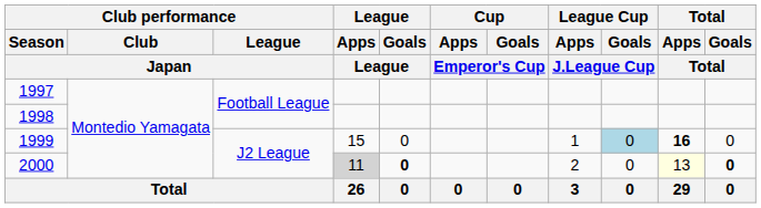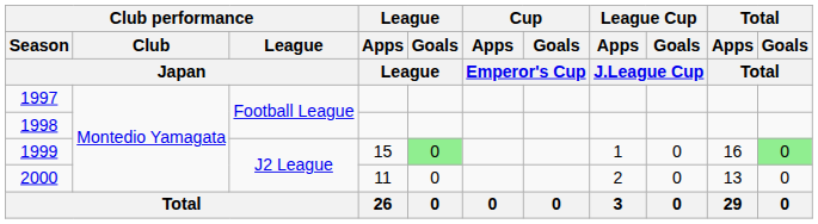 <table class="wikitable" style="text-align:center;">
 <tr>
 <th colspan=3>Club performance</th>
 <th colspan=2>League</th>
 <th colspan=2>Cup</th>
 <th colspan=2>League Cup</th>
 <th colspan=2>Total</th>
 </tr>
 <tr>
 <th>Season</th>
 <th>Club</th>
 <th>League</th>
 <th>Apps</th>
 <th>Goals</th>
 <th>Apps</th>
 <th>Goals</th>
 <th>Apps</th>
 <th>Goals</th>
 <th>Apps</th>
 <th>Goals</th>
 </tr>
 <tr>
 <th colspan=3>Japan</th>
 <th colspan=2>League</th>
 <th colspan=2><a href='#'>Emperor's Cup</a></th>
 <th colspan=2><a href='#'>J.League Cup</a></th>
 <th colspan=2>Total</th>
 </tr>
 <tr>
 <td><a href='#'>1997</a></td>
 <td rowspan="4"><a href='#'>Montedio Yamagata</a></td>
 <td rowspan="2"><a href='#'>Football League</a></td>
 <td></td>
 <td></td>
 <td></td>
 <td></td>
 <td></td>
 <td></td>
 <td></td>
 <td></td>
 </tr>
 <tr>
 <td><a href='#'>1998</a></td>
 <td></td>
 <td></td>
 <td></td>
 <td></td>
 <td></td>
 <td></td>
 <td></td>
 <td></td>
 </tr>
 <tr>
 <td><a href='#'>1999</a></td>
 <td rowspan="2"><a href='#'>J2 League</a></td>
 <td>15</td>
-<td>0</td>
+<td style="background: lightgreen;">0</td>
 <td></td>
 <td></td>
 <td>1</td>
-<td style="background: lightblue;">0</td>
-<td><strong>16</strong></td>
 <td>0</td>
+<td>16</td>
+<td style="background: lightgreen;">0</td>
 </tr>
 <tr>
 <td><a href='#'>2000</a></td>
-<td style="background: lightgrey;">11</td>
-<td><strong>0</strong></td>
+<td>11</td>
+<td>0</td>
 <td></td>
 <td></td>
 <td>2</td>
 <td>0</td>
-<td style="background: lightyellow;">13</td>
-<td><strong>0</strong></td>
+<td>13</td>
+<td>0</td>
 </tr>
 <tr>
 <th colspan=3>Total</th>
 <th>26</th>
 <th>0</th>
 <th>0</th>
 <th>0</th>
 <th>3</th>
 <th>0</th>
 <th>29</th>
 <th>0</th>
 </tr>
 </table>
